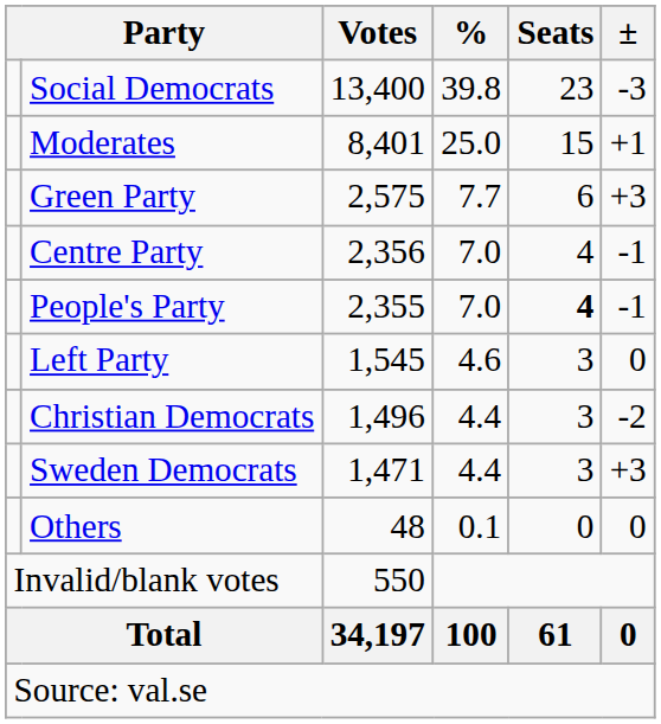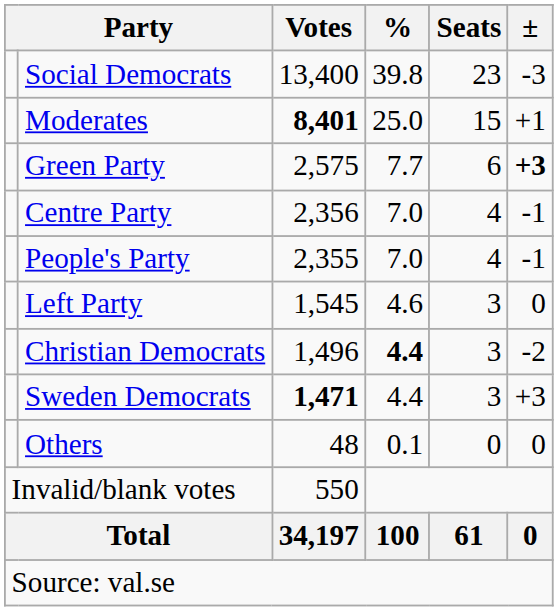 <table class=wikitable style=text-align:right>
 <tr>
 <th colspan=2>Party</th>
 <th>Votes</th>
 <th>%</th>
 <th>Seats</th>
 <th>±</th>
 </tr>
 <tr>
 <td bgcolor=></td>
 <td align=left><a href='#'>Social Democrats</a></td>
 <td>13,400</td>
 <td>39.8</td>
 <td>23</td>
 <td>-3</td>
 </tr>
 <tr>
 <td bgcolor=></td>
 <td align=left><a href='#'>Moderates</a></td>
-<td>8,401</td>
+<td><strong>8,401</strong></td>
 <td>25.0</td>
 <td>15</td>
 <td>+1</td>
 </tr>
 <tr>
 <td bgcolor=></td>
 <td align=left><a href='#'>Green Party</a></td>
 <td>2,575</td>
 <td>7.7</td>
 <td>6</td>
-<td>+3</td>
+<td><strong>+3</strong></td>
 </tr>
 <tr>
 <td bgcolor=></td>
 <td align=left><a href='#'>Centre Party</a></td>
 <td>2,356</td>
 <td>7.0</td>
 <td>4</td>
 <td>-1</td>
 </tr>
 <tr>
 <td bgcolor=></td>
 <td align=left><a href='#'>People's Party</a></td>
 <td>2,355</td>
 <td>7.0</td>
-<td><strong>4</strong></td>
+<td>4</td>
 <td>-1</td>
 </tr>
 <tr>
 <td bgcolor=></td>
 <td align=left><a href='#'>Left Party</a></td>
 <td>1,545</td>
 <td>4.6</td>
 <td>3</td>
 <td>0</td>
 </tr>
 <tr>
 <td bgcolor=></td>
 <td align=left><a href='#'>Christian Democrats</a></td>
 <td>1,496</td>
-<td>4.4</td>
+<td><strong>4.4</strong></td>
 <td>3</td>
 <td>-2</td>
 </tr>
 <tr>
 <td bgcolor=></td>
 <td align=left><a href='#'>Sweden Democrats</a></td>
-<td>1,471</td>
+<td><strong>1,471</strong></td>
 <td>4.4</td>
 <td>3</td>
 <td>+3</td>
 </tr>
 <tr>
 <td></td>
 <td align=left><a href='#'>Others</a></td>
 <td>48</td>
 <td>0.1</td>
 <td>0</td>
 <td>0</td>
 </tr>
 <tr>
 <td align=left colspan=2>Invalid/blank votes</td>
 <td>550</td>
 <td colspan=3></td>
 </tr>
 <tr>
 <th align=left colspan=2>Total</th>
 <th>34,197</th>
 <th>100</th>
 <th>61</th>
 <th>0</th>
 </tr>
 <tr>
 <td align=left colspan=6>Source: val.se </td>
 </tr>
 </table>
